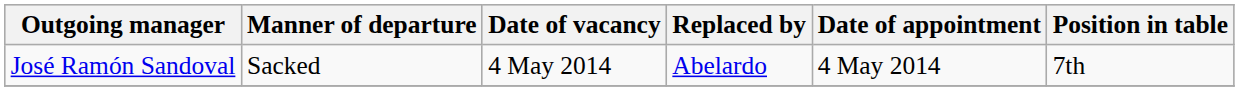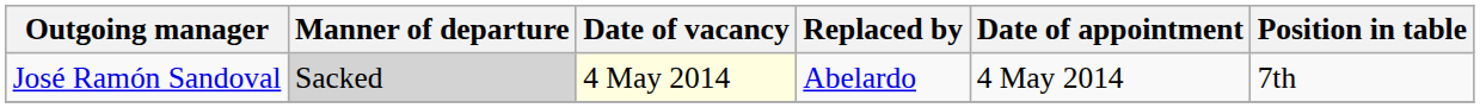 <table class="wikitable sortable">
 <tr>
 <th>Outgoing manager</th>
 <th>Manner of departure</th>
 <th>Date of vacancy</th>
 <th>Replaced by</th>
 <th>Date of appointment</th>
 <th>Position in table</th>
 </tr>
 <tr>
 <td><a href='#'>José Ramón Sandoval</a></td>
-<td>Sacked</td>
-<td>4 May 2014</td>
+<td style="background: lightgrey;">Sacked</td>
+<td style="background: lightyellow;">4 May 2014</td>
 <td><a href='#'>Abelardo</a></td>
 <td>4 May 2014</td>
 <td>7th</td>
 </tr>
 <tr>
 </tr>
 </table>
